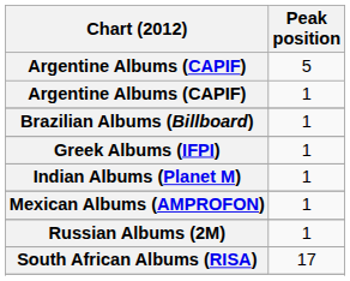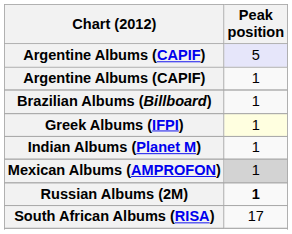 <table class="wikitable sortable plainrowheaders" style="text-align:center;">
 <tr>
 <th scope="col">Chart (2012)</th>
 <th scope="col">Peak<br>position</th>
 </tr>
 <tr>
 <th scope="row">Argentine Albums (<a href='#'>CAPIF</a>)</th>
-<td>5</td>
+<td style="background: lavender;">5</td>
 </tr>
 <tr>
 <th scope="row">Argentine Albums (CAPIF) <br> </th>
 <td>1</td>
 </tr>
 <tr>
 </tr>
 <tr>
 </tr>
 <tr>
 </tr>
 <tr>
 </tr>
 <tr>
 <th scope="row">Brazilian Albums (<em>Billboard</em>)</th>
 <td>1</td>
 </tr>
 <tr>
 </tr>
 <tr>
 </tr>
 <tr>
 </tr>
 <tr>
 </tr>
 <tr>
 </tr>
 <tr>
 </tr>
 <tr>
 </tr>
 <tr>
 </tr>
 <tr>
 <th scope="row">Greek Albums (<a href='#'>IFPI</a>)</th>
-<td>1</td>
+<td style="background: lightyellow;">1</td>
 </tr>
 <tr>
 </tr>
 <tr>
 <th scope="row">Indian Albums (<a href='#'>Planet M</a>)</th>
 <td>1</td>
 </tr>
 <tr>
 </tr>
 <tr>
 </tr>
 <tr>
 </tr>
 <tr>
 <th scope="row">Mexican Albums (<a href='#'>AMPROFON</a>)</th>
-<td>1</td>
+<td style="background: lightgrey;">1</td>
 </tr>
 <tr>
 </tr>
 <tr>
 </tr>
 <tr>
 </tr>
 <tr>
 </tr>
 <tr>
 <th scope="row">Russian Albums (2М)</th>
-<td>1</td>
+<td><strong>1</strong></td>
 </tr>
 <tr>
 </tr>
 <tr>
 <th scope="row">South African Albums (<a href='#'>RISA</a>)</th>
 <td>17</td>
 </tr>
 <tr>
 </tr>
 <tr>
 </tr>
 <tr>
 </tr>
 <tr>
 </tr>
 <tr>
 </tr>
 <tr>
 </tr>
 <tr>
 </tr>
 </table>
